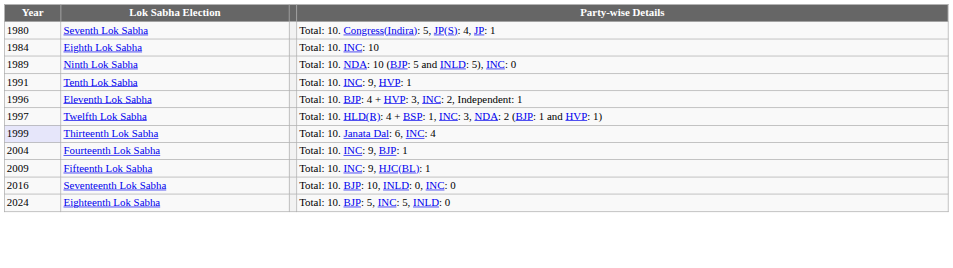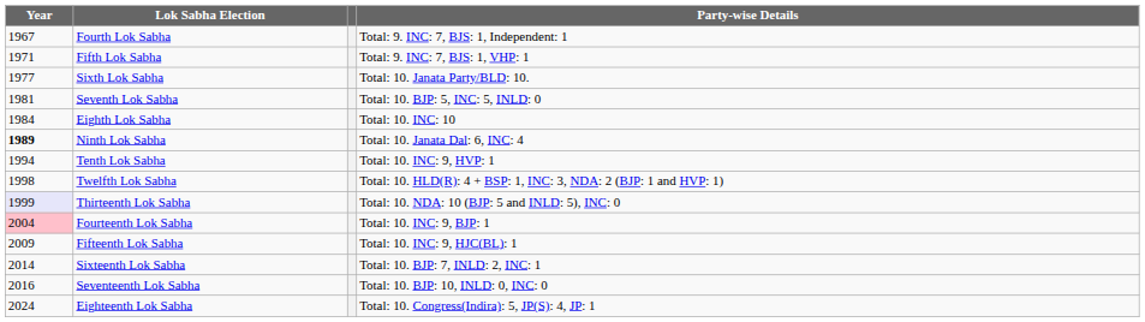 <table class="wikitable" width="70%" style="font-size: x-big; font-family: verdana">
 <tr>
 <th style="background-color:#666666; color:white">Year</th>
 <th style="background-color:#666666; color:white">Lok Sabha Election</th>
 <td style="background-color:#666666; width:4px"></td>
 <th style="background-color:#666666; color:white">Party-wise Details</th>
 </tr>
 <tr --->
-<td>1980</td>
+<td>1967</td>
+<td><a href='#'>Fourth Lok Sabha</a></td>
+<th style="background-color: "></th>
+<td>Total: 9. <a href='#'>INC</a>: 7, <a href='#'>BJS</a>: 1, Independent: 1</td>
+</tr>
+<tr --->
+<td>1971</td>
+<td><a href='#'>Fifth Lok Sabha</a></td>
+<th style="background-color: "></th>
+<td>Total: 9. <a href='#'>INC</a>: 7, <a href='#'>BJS</a>: 1, <a href='#'>VHP</a>: 1</td>
+</tr>
+<tr --->
+<td>1977</td>
+<td><a href='#'>Sixth Lok Sabha</a></td>
+<th style="background-color: "></th>
+<td>Total: 10. <a href='#'>Janata Party/BLD</a>: 10.</td>
+</tr>
+<tr --->
+<td>1981</td>
 <td><a href='#'>Seventh Lok Sabha</a></td>
 <th style="background-color: "></th>
-<td>Total: 10. <a href='#'>Congress(Indira)</a>: 5, <a href='#'>JP(S)</a>: 4, <a href='#'>JP</a>: 1</td>
+<td>Total: 10. <a href='#'>BJP</a>: 5, <a href='#'>INC</a>: 5, <a href='#'>INLD</a>: 0</td>
 </tr>
 <tr --->
 <td>1984</td>
 <td><a href='#'>Eighth Lok Sabha</a></td>
 <th style="background-color: "></th>
 <td>Total: 10. <a href='#'>INC</a>: 10</td>
 </tr>
 <tr --->
-<td>1989</td>
+<td><strong>1989</strong></td>
 <td><a href='#'>Ninth Lok Sabha</a></td>
 <th style="background-color: "></th>
-<td>Total: 10. <a href='#'>NDA</a>: 10 (<a href='#'>BJP</a>: 5 and <a href='#'>INLD</a>: 5), <a href='#'>INC</a>: 0</td>
+<td>Total: 10. <a href='#'>Janata Dal</a>: 6, <a href='#'>INC</a>: 4</td>
 </tr>
 <tr --->
-<td>1991</td>
+<td>1994</td>
 <td><a href='#'>Tenth Lok Sabha</a></td>
 <th style="background-color: "></th>
 <td>Total: 10. <a href='#'>INC</a>: 9, <a href='#'>HVP</a>: 1</td>
 </tr>
 <tr --->
-<td>1996</td>
-<td><a href='#'>Eleventh Lok Sabha</a></td>
-<th style="background-color: "></th>
-<td>Total: 10. <a href='#'>BJP</a>: 4 + <a href='#'>HVP</a>: 3, <a href='#'>INC</a>: 2, Independent: 1</td>
-</tr>
-<tr --->
-<td>1997</td>
+<td>1998</td>
 <td><a href='#'>Twelfth Lok Sabha</a></td>
 <th style="background-color: "></th>
 <td>Total: 10. <a href='#'>HLD(R)</a>: 4 + <a href='#'>BSP</a>: 1, <a href='#'>INC</a>: 3, <a href='#'>NDA</a>: 2 (<a href='#'>BJP</a>: 1 and <a href='#'>HVP</a>: 1)</td>
 </tr>
 <tr --->
 <td style="background: lavender;">1999</td>
 <td><a href='#'>Thirteenth Lok Sabha</a></td>
 <th style="background-color: "></th>
-<td>Total: 10. <a href='#'>Janata Dal</a>: 6, <a href='#'>INC</a>: 4</td>
+<td>Total: 10. <a href='#'>NDA</a>: 10 (<a href='#'>BJP</a>: 5 and <a href='#'>INLD</a>: 5), <a href='#'>INC</a>: 0</td>
 </tr>
 <tr --->
-<td>2004</td>
+<td style="background: pink;">2004</td>
 <td><a href='#'>Fourteenth Lok Sabha</a></td>
 <th style="background-color: "></th>
 <td>Total: 10. <a href='#'>INC</a>: 9, <a href='#'>BJP</a>: 1</td>
 </tr>
 <tr --->
 <td>2009</td>
 <td><a href='#'>Fifteenth Lok Sabha</a></td>
 <th style="background-color: "></th>
 <td>Total: 10. <a href='#'>INC</a>: 9, <a href='#'>HJC(BL)</a>: 1</td>
 </tr>
 <tr --->
+<td>2014</td>
+<td><a href='#'>Sixteenth Lok Sabha</a></td>
+<th style="background-color: "></th>
+<td>Total: 10. <a href='#'>BJP</a>: 7, <a href='#'>INLD</a>: 2, <a href='#'>INC</a>: 1</td>
+</tr>
+<tr --->
 <td>2016</td>
 <td><a href='#'>Seventeenth Lok Sabha</a></td>
 <th style="background-color: "></th>
 <td>Total: 10. <a href='#'>BJP</a>: 10, <a href='#'>INLD</a>: 0, <a href='#'>INC</a>: 0</td>
 </tr>
 <tr --->
 <td>2024</td>
 <td><a href='#'>Eighteenth Lok Sabha</a></td>
 <th style="background-color: "></th>
-<td>Total: 10. <a href='#'>BJP</a>: 5, <a href='#'>INC</a>: 5, <a href='#'>INLD</a>: 0</td>
+<td>Total: 10. <a href='#'>Congress(Indira)</a>: 5, <a href='#'>JP(S)</a>: 4, <a href='#'>JP</a>: 1</td>
 </tr>
 </table>
